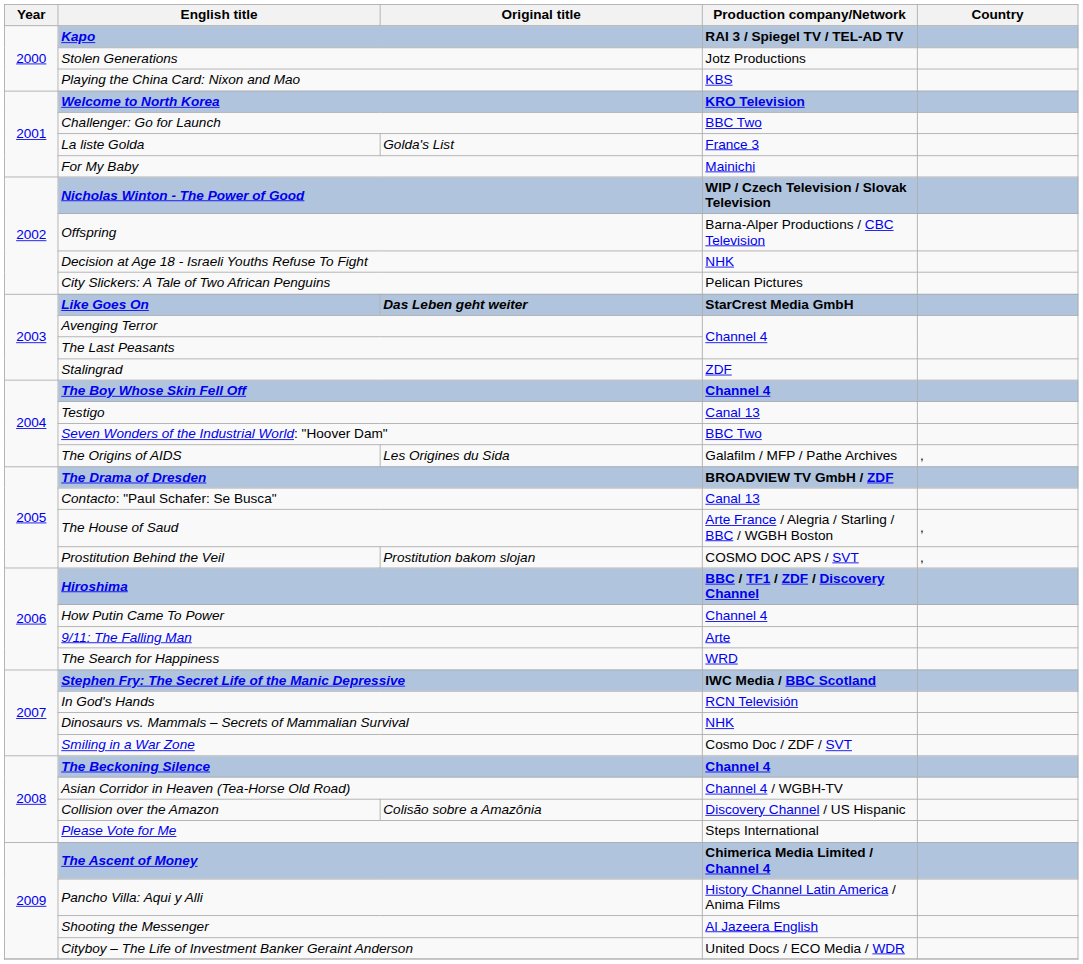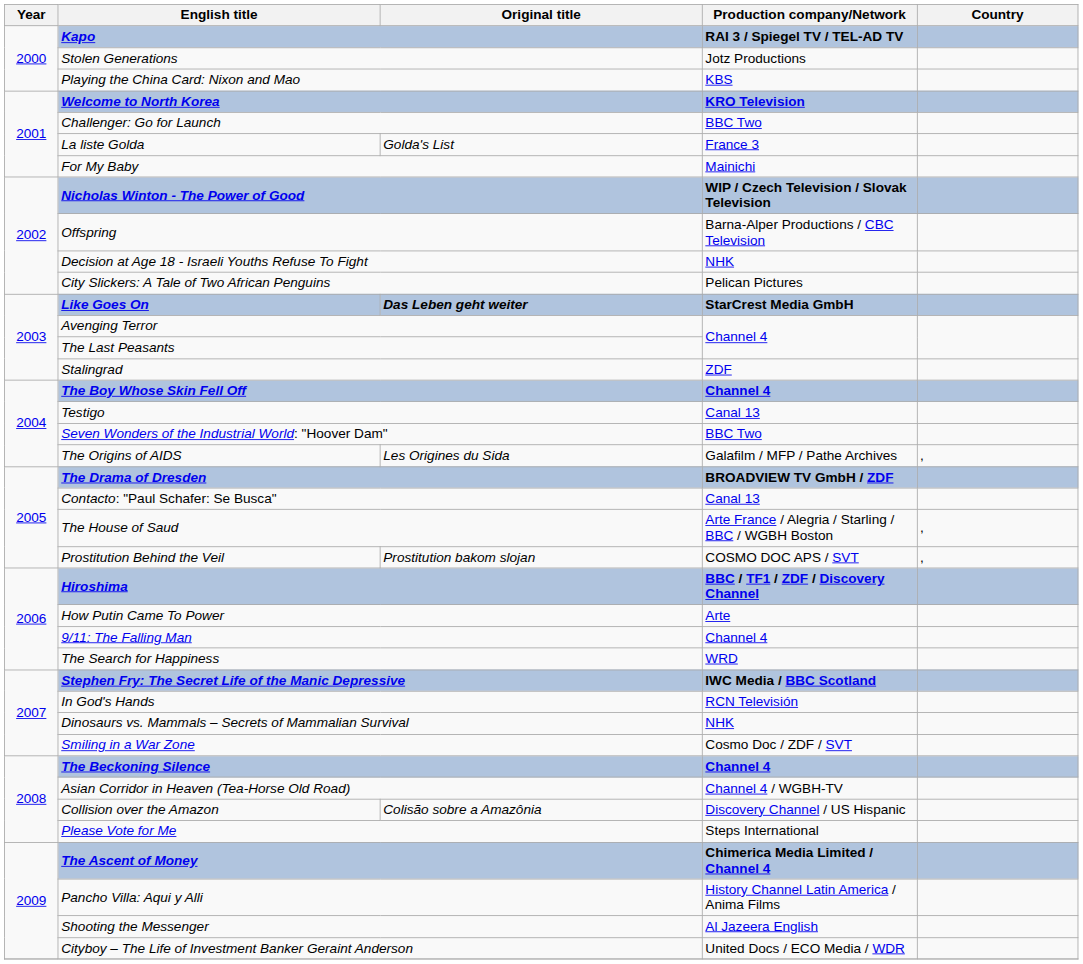 <table class="wikitable" width="100%" border="1" cellpadding="5" cellspacing="0">
 <tr>
 <th width=5%>Year</th>
 <th width=30%>English title</th>
 <th width=30%>Original title</th>
 <th width=20%><strong>Production company/Network</strong></th>
 <th width=15%><strong>Country</strong></th>
 </tr>
 <tr>
 <td rowspan="3" style="text-align:center;"><a href='#'>2000</a><br></td>
 <td colspan="2" style="background:#B0C4DE;"><strong><em><a href='#'>Kapo</a></em></strong></td>
 <td style="background:#B0C4DE;"><strong>RAI 3 / Spiegel TV / TEL-AD TV</strong></td>
 <td style="background:#B0C4DE;"><strong></strong></td>
 </tr>
 <tr>
 <td colspan="2"><em>Stolen Generations</em></td>
 <td>Jotz Productions</td>
 <td></td>
 </tr>
 <tr>
 <td colspan="2"><em>Playing the China Card: Nixon and Mao</em></td>
 <td><a href='#'>KBS</a></td>
 <td></td>
 </tr>
 <tr>
 <td rowspan="4" style="text-align:center;"><a href='#'>2001</a><br></td>
 <td colspan="2" style="background:#B0C4DE;"><strong><em><a href='#'>Welcome to North Korea</a></em></strong></td>
 <td style="background:#B0C4DE;"><strong><a href='#'>KRO Television</a></strong></td>
 <td style="background:#B0C4DE;"><strong></strong></td>
 </tr>
 <tr>
 <td colspan="2"><em>Challenger: Go for Launch</em></td>
 <td><a href='#'>BBC Two</a></td>
 <td></td>
 </tr>
 <tr>
 <td><em>La liste Golda</em></td>
 <td><em>Golda's List</em></td>
 <td><a href='#'>France 3</a></td>
 <td></td>
 </tr>
 <tr>
 <td colspan="2"><em>For My Baby</em></td>
 <td><a href='#'>Mainichi</a></td>
 <td></td>
 </tr>
 <tr>
 <td rowspan="4" style="text-align:center;"><a href='#'>2002</a><br></td>
 <td colspan="2" style="background:#B0C4DE;"><strong><em><a href='#'>Nicholas Winton - The Power of Good</a></em></strong></td>
 <td style="background:#B0C4DE;"><strong>WIP / Czech Television / Slovak Television</strong></td>
 <td style="background:#B0C4DE;"><strong></strong></td>
 </tr>
 <tr>
 <td colspan="2"><em>Offspring</em></td>
 <td>Barna-Alper Productions / <a href='#'>CBC Television</a></td>
 <td></td>
 </tr>
 <tr>
 <td colspan="2"><em>Decision at Age 18 - Israeli Youths Refuse To Fight</em></td>
 <td><a href='#'>NHK</a></td>
 <td></td>
 </tr>
 <tr>
 <td colspan="2"><em>City Slickers: A Tale of Two African Penguins</em></td>
 <td>Pelican Pictures</td>
 <td></td>
 </tr>
 <tr>
 <td rowspan="4" style="text-align:center;"><a href='#'>2003</a><br></td>
 <td style="background:#B0C4DE;"><strong><em><a href='#'>Like Goes On</a></em></strong></td>
 <td style="background:#B0C4DE;"><strong><em>Das Leben geht weiter</em></strong></td>
 <td style="background:#B0C4DE;"><strong>StarCrest Media GmbH</strong></td>
 <td style="background:#B0C4DE;"><strong></strong></td>
 </tr>
 <tr>
 <td colspan="2"><em>Avenging Terror</em></td>
 <td rowspan="2"><a href='#'>Channel 4</a></td>
 <td rowspan="2"></td>
 </tr>
 <tr>
 <td colspan="2"><em>The Last Peasants</em></td>
 </tr>
 <tr>
 <td colspan="2"><em>Stalingrad</em></td>
 <td><a href='#'>ZDF</a></td>
 <td></td>
 </tr>
 <tr>
 <td rowspan="4" style="text-align:center;"><a href='#'>2004</a><br></td>
 <td colspan="2" style="background:#B0C4DE;"><strong><em><a href='#'>The Boy Whose Skin Fell Off</a></em></strong></td>
 <td style="background:#B0C4DE;"><strong><a href='#'>Channel 4</a></strong></td>
 <td style="background:#B0C4DE;"><strong></strong></td>
 </tr>
 <tr>
 <td colspan="2"><em>Testigo</em></td>
 <td><a href='#'>Canal 13</a></td>
 <td></td>
 </tr>
 <tr>
 <td colspan="2"><em><a href='#'>Seven Wonders of the Industrial World</a></em>: "Hoover Dam"</td>
 <td><a href='#'>BBC Two</a></td>
 <td></td>
 </tr>
 <tr>
 <td><em>The Origins of AIDS</em></td>
 <td><em>Les Origines du Sida</em></td>
 <td>Galafilm / MFP / Pathe Archives</td>
 <td>, </td>
 </tr>
 <tr>
 <td rowspan="4" style="text-align:center;"><a href='#'>2005</a><br></td>
 <td colspan="2" style="background:#B0C4DE;"><strong><em><a href='#'>The Drama of Dresden</a></em></strong></td>
 <td style="background:#B0C4DE;"><strong>BROADVIEW TV GmbH / <a href='#'>ZDF</a></strong></td>
 <td style="background:#B0C4DE;"><strong></strong></td>
 </tr>
 <tr>
 <td colspan="2"><em>Contacto</em>: "Paul Schafer: Se Busca"</td>
 <td><a href='#'>Canal 13</a></td>
 <td></td>
 </tr>
 <tr>
 <td colspan="2"><em>The House of Saud</em></td>
 <td><a href='#'>Arte France</a> / Alegria / Starling / <a href='#'>BBC</a> / WGBH Boston</td>
 <td>, </td>
 </tr>
 <tr>
 <td><em>Prostitution Behind the Veil</em></td>
 <td><em>Prostitution bakom slojan</em></td>
 <td>COSMO DOC APS / <a href='#'>SVT</a></td>
 <td>, </td>
 </tr>
 <tr>
 <td rowspan="4" style="text-align:center;"><a href='#'>2006</a><br></td>
 <td colspan="2" style="background:#B0C4DE;"><strong><em><a href='#'>Hiroshima</a></em></strong></td>
 <td style="background:#B0C4DE;"><strong><a href='#'>BBC</a> / <a href='#'>TF1</a> / <a href='#'>ZDF</a> / <a href='#'>Discovery Channel</a></strong></td>
 <td style="background:#B0C4DE;"><strong></strong></td>
 </tr>
 <tr>
 <td colspan="2"><em>How Putin Came To Power</em></td>
-<td><a href='#'>Channel 4</a></td>
+<td><a href='#'>Arte</a></td>
 <td></td>
 </tr>
 <tr>
 <td colspan="2"><em><a href='#'>9/11: The Falling Man</a></em></td>
-<td><a href='#'>Arte</a></td>
+<td><a href='#'>Channel 4</a></td>
 <td></td>
 </tr>
 <tr>
 <td colspan="2"><em>The Search for Happiness</em></td>
 <td><a href='#'>WRD</a></td>
 <td></td>
 </tr>
 <tr>
 <td rowspan="4" style="text-align:center;"><a href='#'>2007</a><br></td>
 <td colspan="2" style="background:#B0C4DE;"><strong><em><a href='#'>Stephen Fry: The Secret Life of the Manic Depressive</a></em></strong></td>
 <td style="background:#B0C4DE;"><strong>IWC Media / <a href='#'>BBC Scotland</a></strong></td>
 <td style="background:#B0C4DE;"><strong></strong></td>
 </tr>
 <tr>
 <td colspan="2"><em>In God's Hands</em></td>
 <td><a href='#'>RCN Televisión</a></td>
 <td></td>
 </tr>
 <tr>
 <td colspan="2"><em>Dinosaurs vs. Mammals – Secrets of Mammalian Survival</em></td>
 <td><a href='#'>NHK</a></td>
 <td></td>
 </tr>
 <tr>
 <td colspan="2"><em><a href='#'>Smiling in a War Zone</a></em></td>
 <td>Cosmo Doc / ZDF / <a href='#'>SVT</a></td>
 <td></td>
 </tr>
 <tr>
 <td rowspan="4" style="text-align:center;"><a href='#'>2008</a><br></td>
 <td colspan="2" style="background:#B0C4DE;"><strong><em><a href='#'>The Beckoning Silence</a></em></strong></td>
 <td style="background:#B0C4DE;"><strong><a href='#'>Channel 4</a></strong></td>
 <td style="background:#B0C4DE;"><strong></strong></td>
 </tr>
 <tr>
 <td colspan="2"><em>Asian Corridor in Heaven (Tea-Horse Old Road)</em></td>
 <td><a href='#'>Channel 4</a> / WGBH-TV</td>
 <td></td>
 </tr>
 <tr>
 <td><em>Collision over the Amazon</em></td>
 <td><em>Colisão sobre a Amazônia</em></td>
 <td><a href='#'>Discovery Channel</a> / US Hispanic</td>
 <td></td>
 </tr>
 <tr>
 <td colspan="2"><em><a href='#'>Please Vote for Me</a></em></td>
 <td>Steps International</td>
 <td></td>
 </tr>
 <tr>
 <td rowspan="4" style="text-align:center;"><a href='#'>2009</a><br></td>
 <td colspan="2" style="background:#B0C4DE;"><strong><em><a href='#'>The Ascent of Money</a></em></strong></td>
 <td style="background:#B0C4DE;"><strong>Chimerica Media Limited / <a href='#'>Channel 4</a></strong></td>
 <td style="background:#B0C4DE;"><strong></strong></td>
 </tr>
 <tr>
 <td colspan="2"><em>Pancho Villa: Aqui y Alli</em></td>
 <td><a href='#'>History Channel Latin America</a> / Anima Films</td>
 <td></td>
 </tr>
 <tr>
 <td colspan="2"><em>Shooting the Messenger</em></td>
 <td><a href='#'>Al Jazeera English</a></td>
 <td></td>
 </tr>
 <tr>
 <td colspan="2"><em>Cityboy – The Life of Investment Banker Geraint Anderson</em></td>
 <td>United Docs / ECO Media / <a href='#'>WDR</a></td>
 <td></td>
 </tr>
 <tr>
 </tr>
 </table>
